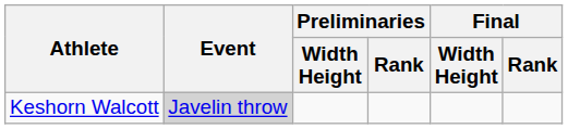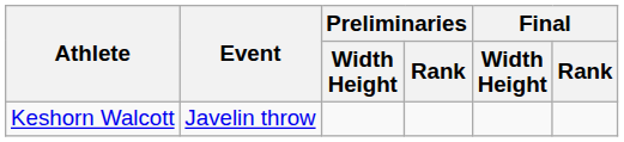 <table class=wikitable style="font-size:90%;">
 <tr>
 <th rowspan="2">Athlete</th>
 <th rowspan="2">Event</th>
 <th colspan="2">Preliminaries</th>
 <th colspan="2">Final</th>
 </tr>
 <tr>
 <th>Width<br>Height</th>
 <th>Rank</th>
 <th>Width<br>Height</th>
 <th>Rank</th>
 </tr>
 <tr style="border-top: single;">
 <td><a href='#'>Keshorn Walcott</a></td>
-<td style="background: lightgrey;"><a href='#'>Javelin throw</a></td>
+<td><a href='#'>Javelin throw</a></td>
 <td align=center></td>
 <td align=center></td>
 <td align=center></td>
 <td align=center></td>
 </tr>
 </table>
